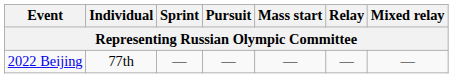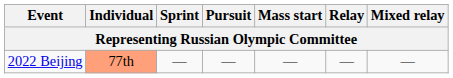 <table class="wikitable" style="text-align: center;">
 <tr>
 <th>Event</th>
 <th>Individual</th>
 <th>Sprint</th>
 <th>Pursuit</th>
 <th>Mass start</th>
 <th>Relay</th>
 <th>Mixed relay</th>
 </tr>
 <tr>
 <th colspan=7>Representing  Russian Olympic Committee</th>
 </tr>
 <tr>
 <td align=left> <a href='#'>2022 Beijing</a></td>
-<td>77th</td>
+<td style="background: lightsalmon;">77th</td>
 <td>—</td>
 <td>—</td>
 <td>—</td>
 <td>—</td>
 <td>―</td>
 </tr>
 </table>
